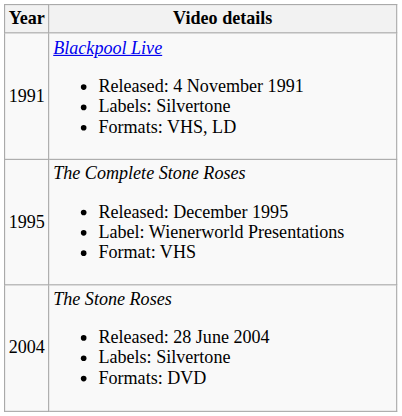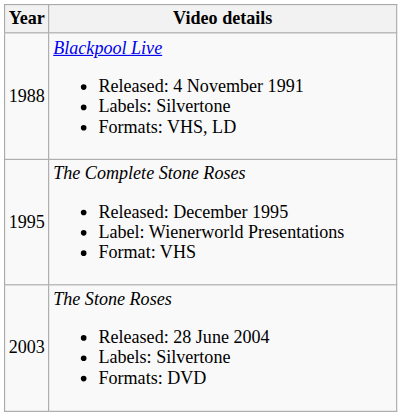 <table class="wikitable" border="1">
 <tr>
 <th>Year</th>
 <th width="300">Video details</th>
 </tr>
 <tr>
-<td>1991</td>
+<td>1988</td>
 <td><em><a href='#'>Blackpool Live</a></em><br><ul><li>Released: 4 November 1991</li><li>Labels: Silvertone</li><li>Formats: VHS, LD</li></ul></td>
 </tr>
 <tr>
 <td>1995</td>
 <td><em>The Complete Stone Roses</em><br><ul><li>Released: December 1995</li><li>Label: Wienerworld Presentations</li><li>Format: VHS</li></ul></td>
 </tr>
 <tr>
-<td>2004</td>
+<td>2003</td>
 <td><em>The Stone Roses</em><br><ul><li>Released: 28 June 2004</li><li>Labels: Silvertone</li><li>Formats: DVD</li></ul></td>
 </tr>
 </table>
